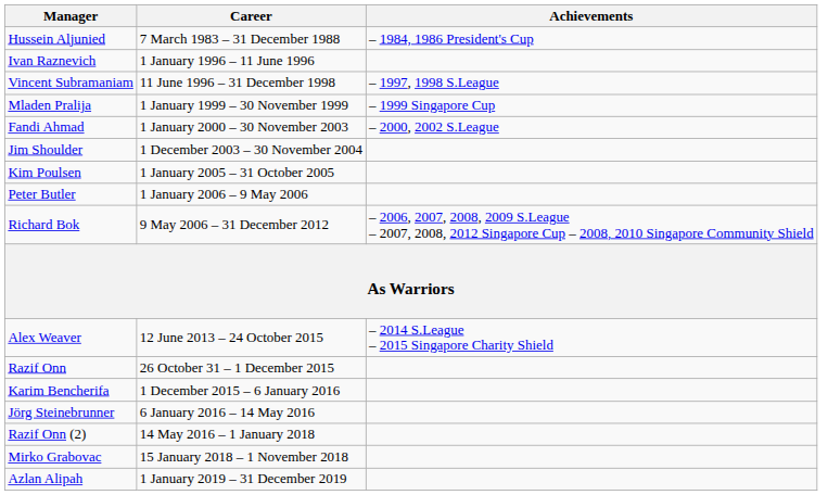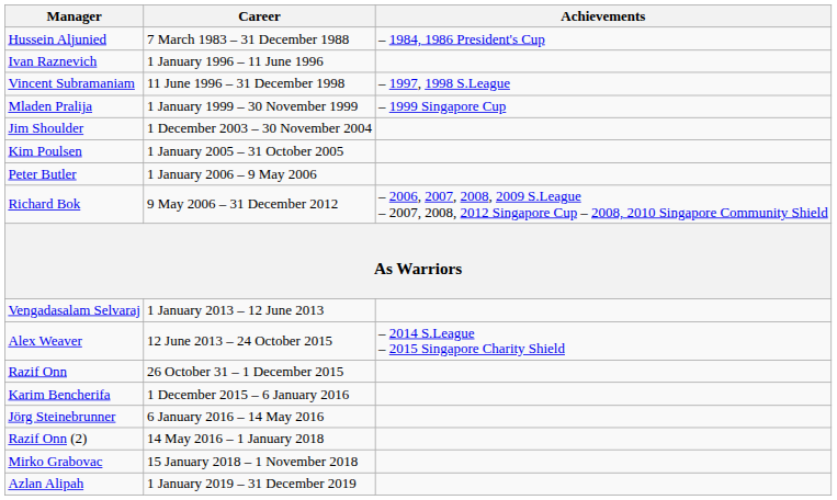 <table class="wikitable">
 <tr>
 <th>Manager</th>
 <th>Career</th>
 <th>Achievements</th>
 </tr>
 <tr>
 <td> <a href='#'>Hussein Aljunied</a></td>
 <td>7 March 1983 – 31 December 1988</td>
 <td>– <a href='#'>1984, 1986 President's Cup</a></td>
 </tr>
 <tr>
 <td> <a href='#'>Ivan Raznevich</a></td>
 <td>1 January 1996 – 11 June 1996</td>
 <td></td>
 </tr>
 <tr>
 <td> <a href='#'>Vincent Subramaniam</a></td>
 <td>11 June 1996 – 31 December 1998</td>
 <td>– <a href='#'>1997</a>, <a href='#'>1998 S.League</a></td>
 </tr>
 <tr>
 <td> <a href='#'>Mladen Pralija</a></td>
 <td>1 January 1999 – 30 November 1999</td>
 <td>– <a href='#'>1999 Singapore Cup</a></td>
 </tr>
 <tr>
-<td> <a href='#'>Fandi Ahmad</a></td>
-<td>1 January 2000 – 30 November 2003</td>
-<td>– <a href='#'>2000</a>, <a href='#'>2002 S.League</a></td>
-</tr>
-<tr>
 <td> <a href='#'>Jim Shoulder</a></td>
 <td>1 December 2003 – 30 November 2004</td>
 <td></td>
 </tr>
 <tr>
 <td> <a href='#'>Kim Poulsen</a></td>
 <td>1 January 2005 – 31 October 2005</td>
 <td></td>
 </tr>
 <tr>
 <td> <a href='#'>Peter Butler</a></td>
 <td>1 January 2006 – 9 May 2006</td>
 <td></td>
 </tr>
 <tr>
 <td> <a href='#'>Richard Bok</a></td>
 <td>9 May 2006 – 31 December 2012</td>
 <td>– <a href='#'>2006</a>, <a href='#'>2007</a>, <a href='#'>2008</a>, <a href='#'>2009 S.League</a><br>– 2007, 2008, <a href='#'>2012 Singapore Cup</a> – <a href='#'>2008, 2010 Singapore Community Shield</a></td>
 </tr>
 <tr>
 <th colspan="3"><br><h3>As Warriors</h3></th>
+</tr>
+<tr>
+<td> <a href='#'>Vengadasalam Selvaraj</a></td>
+<td>1 January 2013 – 12 June 2013</td>
+<td></td>
 </tr>
 <tr>
 <td> <a href='#'>Alex Weaver</a></td>
 <td>12 June 2013 – 24 October 2015</td>
 <td>– <a href='#'>2014 S.League</a><br>– <a href='#'>2015 Singapore Charity Shield</a></td>
 </tr>
 <tr>
 <td> <a href='#'>Razif Onn</a></td>
 <td>26 October 31 – 1 December 2015</td>
 <td></td>
 </tr>
 <tr>
 <td> <a href='#'>Karim Bencherifa</a></td>
 <td>1 December 2015 – 6 January 2016</td>
 <td></td>
 </tr>
 <tr>
 <td> <a href='#'>Jörg Steinebrunner</a></td>
 <td>6 January 2016 – 14 May 2016</td>
 <td></td>
 </tr>
 <tr>
 <td> <a href='#'>Razif Onn</a> (2)</td>
 <td>14 May 2016 – 1 January 2018</td>
 <td></td>
 </tr>
 <tr>
 <td> <a href='#'>Mirko Grabovac</a></td>
 <td>15 January 2018 – 1 November 2018</td>
 <td></td>
 </tr>
 <tr>
 <td> <a href='#'>Azlan Alipah</a></td>
 <td>1 January 2019 – 31 December 2019</td>
 <td></td>
 </tr>
 </table>
